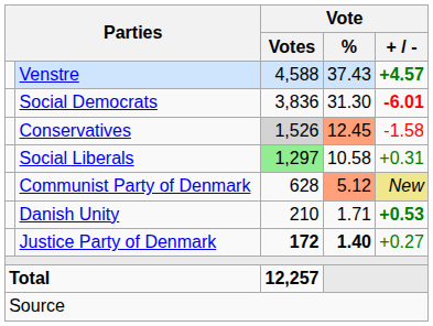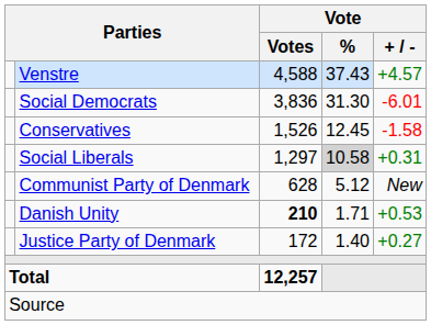 <table class="wikitable" style="text-align:right;">
 <tr>
 <th style="text-align:centre;" rowspan="2" colspan="2" width="225">Parties</th>
 <th colspan="3">Vote</th>
 </tr>
 <tr>
 <th width="15">Votes</th>
 <th width="15">%</th>
 <th width="15">+ / -</th>
 </tr>
 <tr>
 <td width="2" style="color:inherit;background:"></td>
 <td bgcolor=#cfe5fe  align="left"><a href='#'>Venstre</a></td>
 <td bgcolor=#cfe5fe>4,588</td>
 <td bgcolor=#cfe5fe>37.43</td>
-<td style=color:green;><strong>+4.57</strong></td>
+<td style=color:green;>+4.57</td>
 </tr>
 <tr>
 <td width="2" style="color:inherit;background:"></td>
 <td align="left"><a href='#'>Social Democrats</a></td>
 <td>3,836</td>
 <td>31.30</td>
-<td style=color:red;><strong>-6.01</strong></td>
+<td style=color:red;>-6.01</td>
 </tr>
 <tr>
 <td width="2" style="color:inherit;background:"></td>
 <td align="left"><a href='#'>Conservatives</a></td>
-<td style="background: lightgrey;">1,526</td>
-<td style="background: lightsalmon;">12.45</td>
+<td>1,526</td>
+<td>12.45</td>
 <td style=color:red;>-1.58</td>
 </tr>
 <tr>
 <td width="2" style="color:inherit;background:"></td>
 <td align="left"><a href='#'>Social Liberals</a></td>
-<td style="background: lightgreen;">1,297</td>
-<td>10.58</td>
+<td>1,297</td>
+<td style="background: lightgrey;">10.58</td>
 <td style=color:green;>+0.31</td>
 </tr>
 <tr>
 <td width="2" style="color:inherit;background:"></td>
 <td align="left"><a href='#'>Communist Party of Denmark</a></td>
 <td>628</td>
-<td style="background: lightsalmon;">5.12</td>
-<td style="background: khaki;"><em>New</em></td>
+<td>5.12</td>
+<td><em>New</em></td>
 </tr>
 <tr>
 <td width="2" style="color:inherit;background:"></td>
 <td align="left"><a href='#'>Danish Unity</a></td>
-<td>210</td>
+<td><strong>210</strong></td>
 <td>1.71</td>
-<td style=color:green;><strong>+0.53</strong></td>
+<td style=color:green;>+0.53</td>
 </tr>
 <tr>
 <td width="2" style="color:inherit;background:"></td>
 <td align="left"><a href='#'>Justice Party of Denmark</a></td>
-<td><strong>172</strong></td>
-<td><strong>1.40</strong></td>
+<td>172</td>
+<td>1.40</td>
 <td style=color:green;>+0.27</td>
 </tr>
 <tr>
 <td colspan="7" bgcolor="#E9E9E9"></td>
 </tr>
 <tr>
 <td align="left" colspan="2"><strong>Total</strong></td>
 <td><strong>12,257</strong></td>
 <td bgcolor="#E9E9E9" colspan="2"></td>
 </tr>
 <tr>
 <td align="left" colspan="6">Source</td>
 </tr>
 </table>
